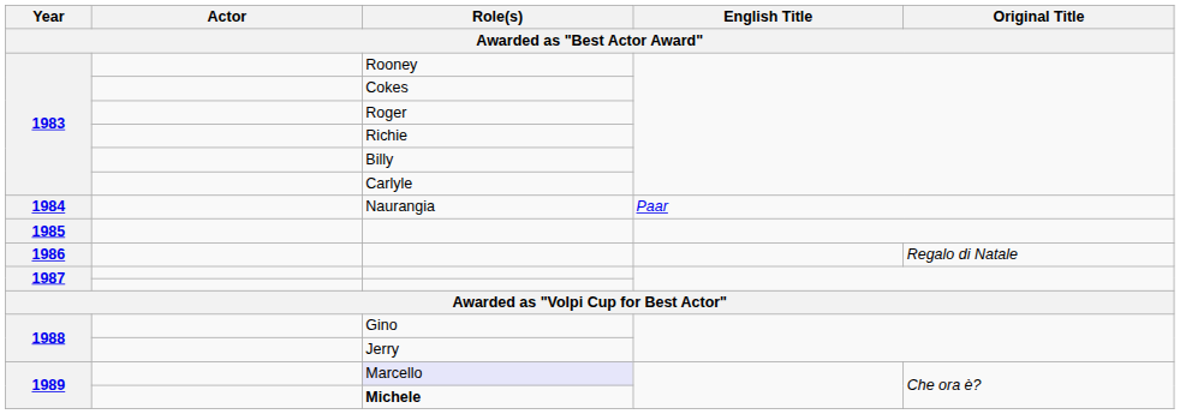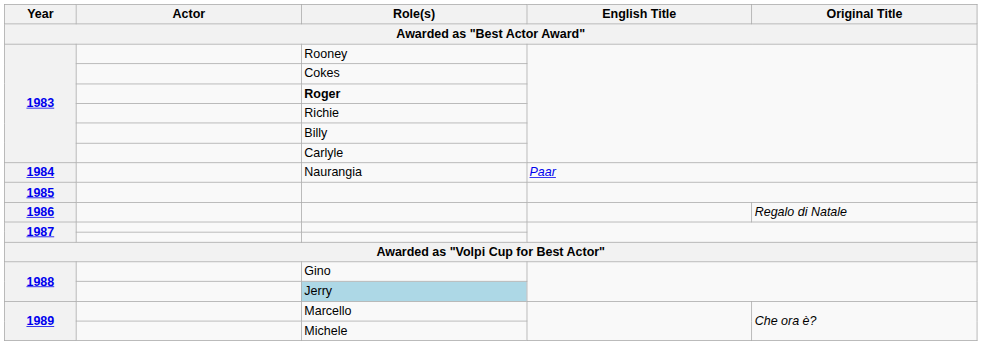 <table class="wikitable unsortable">
 <tr>
 <th scope="col" style="width:3%;">Year</th>
 <th scope="col" style="width:10%;">Actor</th>
 <th scope="col" style="width:10%;">Role(s)</th>
 <th scope="col" style="width:10%;">English Title</th>
 <th scope="col" style="width:10%;">Original Title</th>
 </tr>
 <tr>
 <th colspan="5" data-sort-value="1983 A">Awarded as "Best Actor Award"</th>
 </tr>
 <tr>
 <th rowspan="6" style="text-align:center;"><a href='#'>1983</a></th>
 <td> </td>
 <td>Rooney</td>
 <td colspan="2" rowspan="6"></td>
 </tr>
 <tr>
 <td> </td>
 <td>Cokes</td>
 </tr>
 <tr>
 <td> </td>
-<td>Roger</td>
+<td><strong>Roger</strong></td>
 </tr>
 <tr>
 <td> </td>
 <td>Richie</td>
 </tr>
 <tr>
 <td> </td>
 <td>Billy</td>
 </tr>
 <tr>
 <td>  </td>
 <td>Carlyle</td>
 </tr>
 <tr>
 <th style="text-align:center;"><a href='#'>1984</a></th>
 <td> </td>
 <td>Naurangia</td>
 <td colspan="2"><em><a href='#'>Paar</a></em></td>
 </tr>
 <tr>
 <th style="text-align:center;"><a href='#'>1985</a></th>
 <td> </td>
 <td></td>
 <td colspan="2"></td>
 </tr>
 <tr>
 <th style="text-align:center;"><a href='#'>1986</a></th>
 <td> </td>
 <td></td>
 <td></td>
 <td><em>Regalo di Natale</em></td>
 </tr>
 <tr>
 <th rowspan="2" style="text-align:center;"><a href='#'>1987</a></th>
 <td> </td>
 <td></td>
 <td colspan="2" rowspan="2"></td>
 </tr>
 <tr>
 <td> </td>
 <td></td>
 </tr>
 <tr>
 <th colspan="5" data-sort-value="1988 A">Awarded as "Volpi Cup for Best Actor"</th>
 </tr>
 <tr>
 <th rowspan="2" style="text-align:center;"><a href='#'>1988</a></th>
 <td> </td>
 <td>Gino</td>
 <td colspan="2" rowspan="2"></td>
 </tr>
 <tr>
 <td> </td>
-<td>Jerry</td>
+<td style="background: lightblue;">Jerry</td>
 </tr>
 <tr>
 <th rowspan="2" style="text-align:center;"><a href='#'>1989</a></th>
 <td> </td>
-<td style="background: lavender;">Marcello</td>
+<td>Marcello</td>
 <td rowspan="2"></td>
 <td rowspan="2"><em>Che ora è?</em></td>
 </tr>
 <tr>
 <td> </td>
-<td><strong>Michele</strong></td>
+<td>Michele</td>
 </tr>
 </table>
